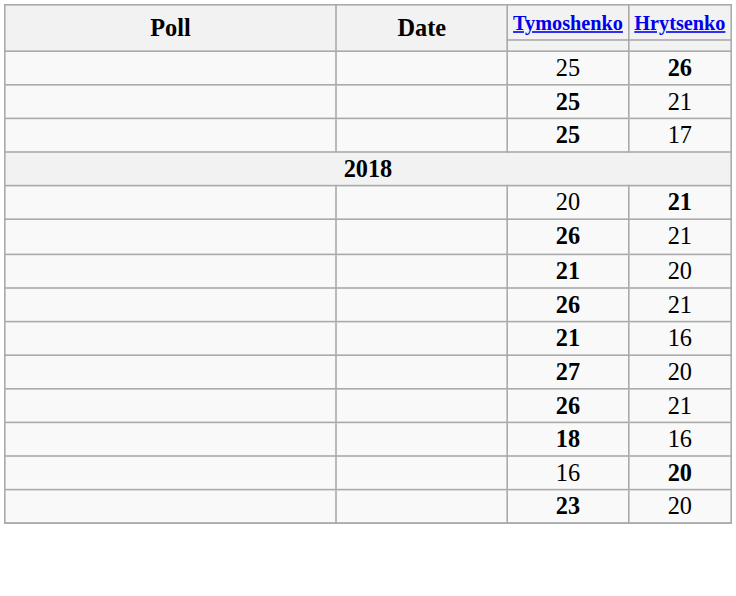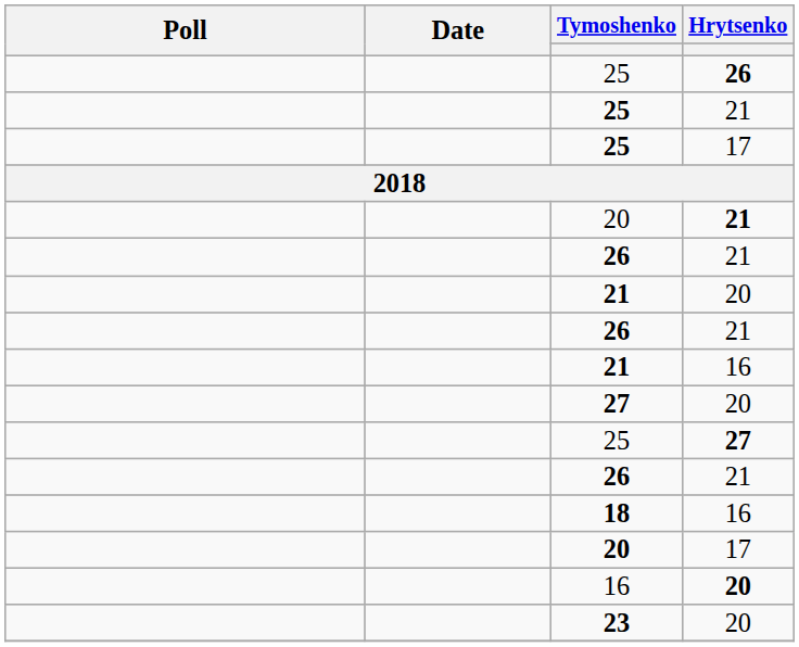 <table class="wikitable" style="text-align:center;font-size:95%;line-height:14px;">
 <tr>
 <th rowspan=2 style="width:200px;">Poll</th>
 <th rowspan=2 style="width:100px;">Date</th>
 <th><small><a href='#'>Tymoshenko</a></small><br></th>
 <th><small><a href='#'>Hrytsenko</a></small><br></th>
 </tr>
 <tr>
 <th style="background:"></th>
 <th style="background:"></th>
 </tr>
 <tr>
 <td></td>
 <td></td>
 <td>25</td>
 <td style="background-color:#"><strong>26</strong></td>
 </tr>
 <tr>
 <td></td>
 <td></td>
 <td style="background-color:#"><strong>25</strong></td>
 <td>21</td>
 </tr>
 <tr>
 <td></td>
 <td></td>
 <td style="background-color:#"><strong>25</strong></td>
 <td>17</td>
 </tr>
 <tr>
 <th colspan=4>2018</th>
 </tr>
 <tr>
 <td></td>
 <td></td>
 <td>20</td>
 <td style="background-color:#"><strong>21</strong></td>
 </tr>
 <tr>
 <td></td>
 <td></td>
 <td style="background-color:#"><strong>26</strong></td>
 <td>21</td>
 </tr>
 <tr>
 <td></td>
 <td></td>
 <td style="background-color:#"><strong>21</strong></td>
 <td>20</td>
 </tr>
 <tr>
 <td> </td>
 <td></td>
 <td style="background-color:#"><strong>26</strong></td>
 <td>21</td>
 </tr>
 <tr>
 <td></td>
 <td></td>
 <td style="background-color:#"><strong>21</strong></td>
 <td>16</td>
 </tr>
 <tr>
 <td></td>
 <td></td>
 <td style="background-color:#"><strong>27</strong></td>
 <td>20</td>
 </tr>
 <tr>
+<td></td>
+<td></td>
+<td>25</td>
+<td style="background-color:#"><strong>27</strong></td>
+</tr>
+<tr>
 <td> </td>
 <td></td>
 <td style="background-color:#"><strong>26</strong></td>
 <td>21</td>
 </tr>
 <tr>
 <td></td>
 <td></td>
 <td style="background-color:#"><strong>18</strong></td>
 <td>16</td>
+</tr>
+<tr>
+<td></td>
+<td></td>
+<td style="background-color:#"><strong>20</strong></td>
+<td>17</td>
 </tr>
 <tr>
 <td></td>
 <td></td>
 <td>16</td>
 <td style="background-color:#"><strong>20</strong></td>
 </tr>
 <tr>
 <td></td>
 <td></td>
 <td style="background-color:#"><strong>23</strong></td>
 <td>20</td>
 </tr>
 <tr>
 </tr>
 </table>
